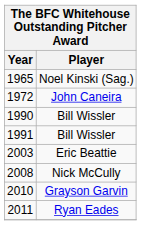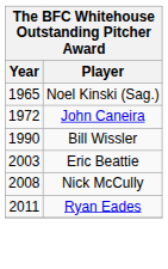 <table class="wikitable" style="display: inline-table; margin-right: 20px; text-align:center">
 <tr>
 <th scope="col" colspan="2" style="width: 145px;">The BFC Whitehouse Outstanding Pitcher Award</th>
 </tr>
 <tr>
 <th scope="col">Year</th>
 <th scope="col">Player</th>
 </tr>
 <tr>
 <td>1965</td>
 <td>Noel Kinski (Sag.)</td>
 </tr>
 <tr>
 <td>1972</td>
 <td><a href='#'>John Caneira</a></td>
 </tr>
 <tr>
 <td>1990</td>
 <td>Bill Wissler</td>
 </tr>
 <tr>
-<td>1991</td>
-<td>Bill Wissler</td>
-</tr>
-<tr>
 <td>2003</td>
 <td>Eric Beattie</td>
 </tr>
 <tr>
 <td>2008</td>
 <td>Nick McCully</td>
 </tr>
 <tr>
-<td>2010</td>
-<td><a href='#'>Grayson Garvin</a></td>
-</tr>
-<tr>
 <td>2011</td>
 <td><a href='#'>Ryan Eades</a></td>
 </tr>
 <tr>
 </tr>
 </table>
